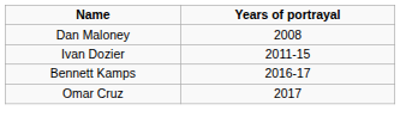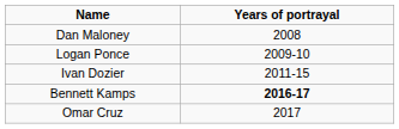 <table class="wikitable" width="500">
 <tr align="center">
 <td><strong>Name</strong></td>
 <td><strong>Years of portrayal</strong></td>
 </tr>
 <tr align="center" bgcolor="">
 <td>Dan Maloney</td>
 <td>2008</td>
 </tr>
 <tr align="center" bgcolor="">
+<td>Logan Ponce</td>
+<td>2009-10</td>
+</tr>
+<tr align="center" bgcolor="">
 <td>Ivan Dozier</td>
 <td>2011-15</td>
 </tr>
 <tr align="center" bgcolor="">
 <td>Bennett Kamps</td>
-<td>2016-17</td>
+<td><strong>2016-17</strong></td>
 </tr>
 <tr align="center" bgcolor="">
 <td>Omar Cruz</td>
 <td>2017</td>
 </tr>
 </table>
